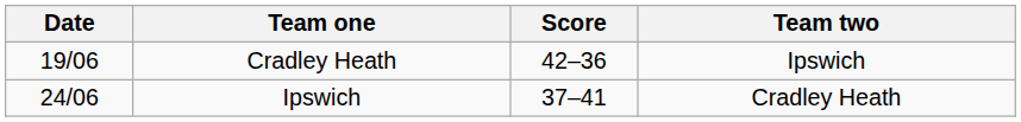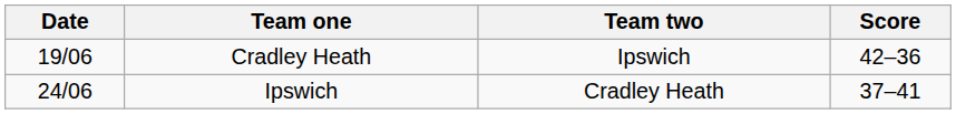 <table class="wikitable" style="text-align: center">
 <tr>
 <th width=80>Date</th>
 <th width=250>Team one</th>
+<th width=250>Team two</th>
 <th width=80>Score</th>
-<th width=250>Team two</th>
 </tr>
 <tr>
 <td>19/06</td>
 <td>Cradley Heath</td>
+<td>Ipswich</td>
 <td>42–36</td>
-<td>Ipswich</td>
 </tr>
 <tr>
 <td>24/06</td>
 <td>Ipswich</td>
+<td>Cradley Heath</td>
 <td>37–41</td>
-<td>Cradley Heath</td>
 </tr>
 </table>
